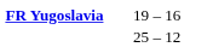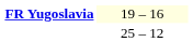 <table style="text-align:center">
 <tr>
 <th width=200></th>
 <th width=100></th>
 <th width=200></th>
 </tr>
 <tr>
 <td align=right><strong><a href='#'>FR Yugoslavia</a> </strong></td>
-<td>19 – 16</td>
+<td style="background: lightyellow;">19 – 16</td>
 <td align=left></td>
 </tr>
 <tr>
 <td align=right><strong></strong></td>
 <td>25 – 12</td>
 <td align=left></td>
 </tr>
 </table>
